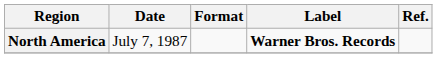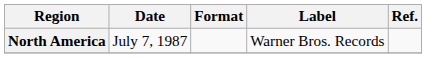 <table class="wikitable plainrowheaders">
 <tr>
 <th scope="col">Region</th>
 <th scope="col">Date</th>
 <th scope="col">Format</th>
 <th scope="col">Label</th>
 <th scope="col">Ref.</th>
 </tr>
 <tr>
 <th scope="row">North America</th>
 <td>July 7, 1987</td>
 <td></td>
-<td><strong>Warner Bros. Records</strong></td>
+<td>Warner Bros. Records</td>
 <td></td>
 </tr>
 <tr>
 </tr>
 </table>
